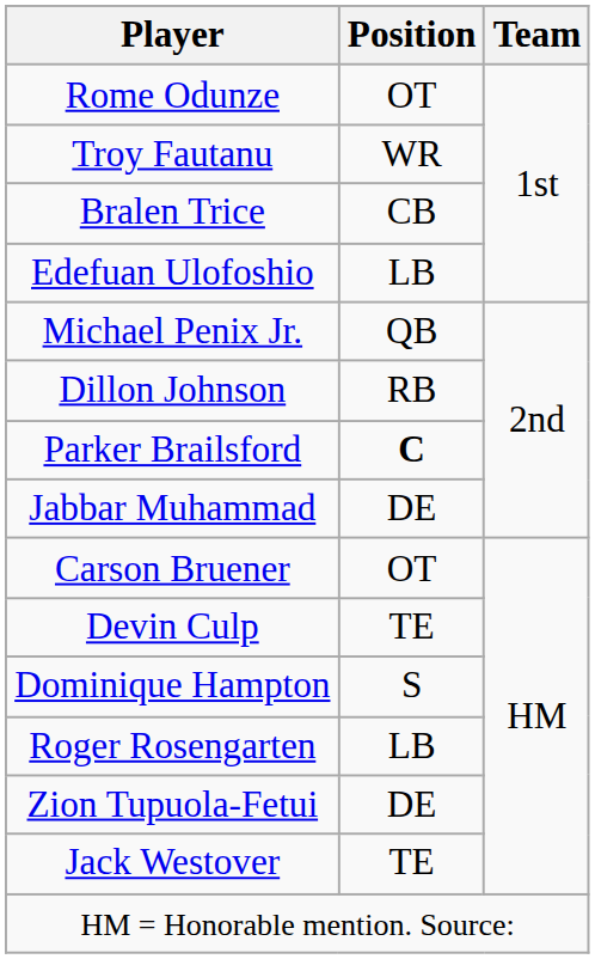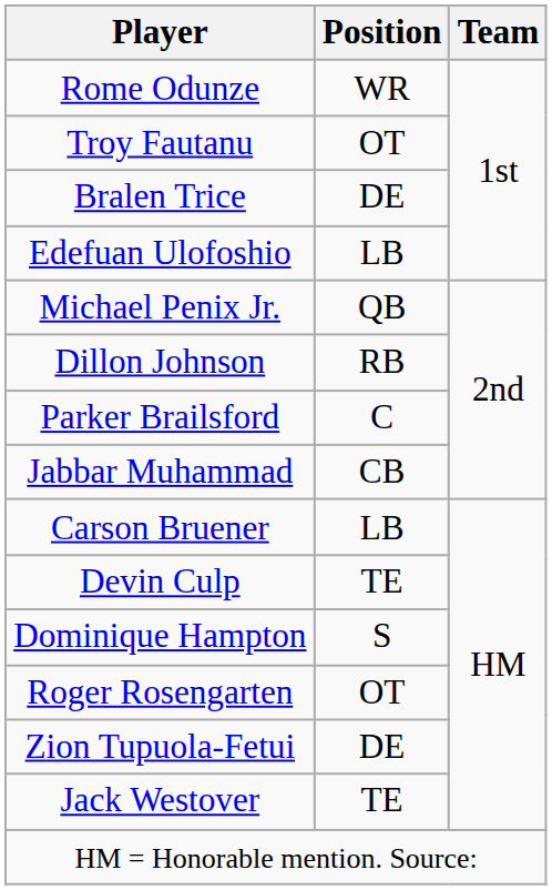 <table class="wikitable" style="text-align: center">
 <tr align=center>
 <th>Player</th>
 <th>Position</th>
 <th>Team</th>
 </tr>
 <tr>
 <td><a href='#'>Rome Odunze</a></td>
-<td>OT</td>
+<td>WR</td>
 <td rowspan="4">1st</td>
 </tr>
 <tr>
 <td><a href='#'>Troy Fautanu</a></td>
-<td>WR</td>
+<td>OT</td>
 </tr>
 <tr>
 <td><a href='#'>Bralen Trice</a></td>
-<td>CB</td>
+<td>DE</td>
 </tr>
 <tr>
 <td><a href='#'>Edefuan Ulofoshio</a></td>
 <td>LB</td>
 </tr>
 <tr>
 <td><a href='#'>Michael Penix Jr.</a></td>
 <td>QB</td>
 <td rowspan="4">2nd</td>
 </tr>
 <tr>
 <td><a href='#'>Dillon Johnson</a></td>
 <td>RB</td>
 </tr>
 <tr>
 <td><a href='#'>Parker Brailsford</a></td>
-<td><strong>C</strong></td>
+<td>C</td>
 </tr>
 <tr>
 <td><a href='#'>Jabbar Muhammad</a></td>
-<td>DE</td>
+<td>CB</td>
 </tr>
 <tr>
 <td><a href='#'>Carson Bruener</a></td>
-<td>OT</td>
+<td>LB</td>
 <td rowspan="6">HM</td>
 </tr>
 <tr>
 <td><a href='#'>Devin Culp</a></td>
 <td>TE</td>
 </tr>
 <tr>
 <td><a href='#'>Dominique Hampton</a></td>
 <td>S</td>
 </tr>
 <tr>
 <td><a href='#'>Roger Rosengarten</a></td>
-<td>LB</td>
+<td>OT</td>
 </tr>
 <tr>
 <td><a href='#'>Zion Tupuola-Fetui</a></td>
 <td>DE</td>
 </tr>
 <tr>
 <td><a href='#'>Jack Westover</a></td>
 <td>TE</td>
 </tr>
 <tr>
 <td colspan="3"><small>HM = Honorable mention. Source:</small></td>
 </tr>
 </table>
